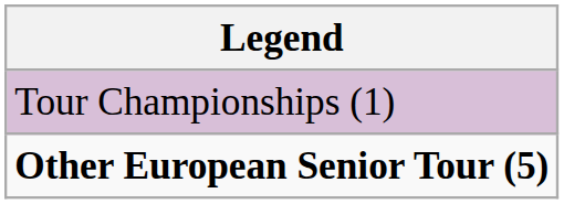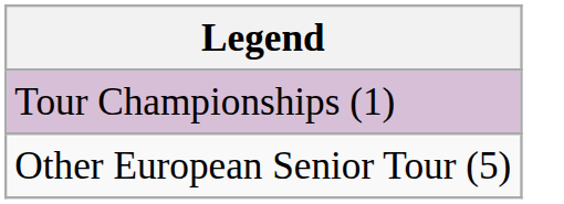 <table class="wikitable" style="font-size:95%;">
 <tr>
 <th>Legend</th>
 </tr>
 <tr style="background:thistle;">
 <td>Tour Championships (1)</td>
 </tr>
 <tr>
-<td><strong>Other European Senior Tour (5)</strong></td>
+<td>Other European Senior Tour (5)</td>
 </tr>
 </table>
